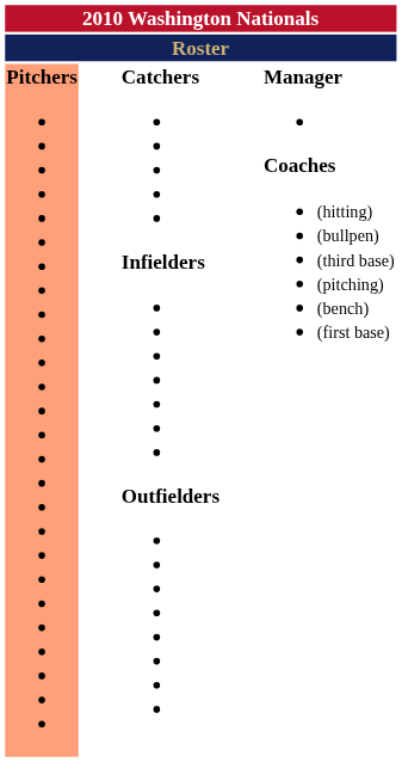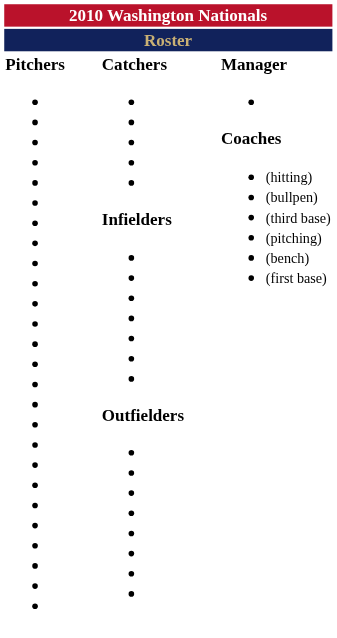 <table class="toccolours" style="font-size: 95%;">
 <tr>
 <th colspan="10" style="background-color: #ba122b; color: #FFFFFF; text-align: center;">2010 Washington Nationals</th>
 </tr>
 <tr>
 <td colspan="10" style="background-color: #11225b; color: #c9b074; text-align: center;"><strong>Roster</strong></td>
 </tr>
 <tr>
-<td valign="top" style="background: lightsalmon;"><strong>Pitchers</strong><br><ul><li></li><li></li><li></li><li></li><li></li><li></li><li></li><li></li><li></li><li></li><li></li><li></li><li></li><li></li><li></li><li></li><li></li><li></li><li></li><li></li><li></li><li></li><li></li><li></li><li></li><li></li></ul></td>
+<td valign="top"><strong>Pitchers</strong><br><ul><li></li><li></li><li></li><li></li><li></li><li></li><li></li><li></li><li></li><li></li><li></li><li></li><li></li><li></li><li></li><li></li><li></li><li></li><li></li><li></li><li></li><li></li><li></li><li></li><li></li><li></li></ul></td>
 <td width="25px"></td>
 <td valign="top"><strong>Catchers</strong><br><ul><li></li><li></li><li></li><li></li><li></li></ul><strong>Infielders</strong><ul><li></li><li></li><li></li><li></li><li></li><li></li><li></li></ul><strong>Outfielders</strong><ul><li></li><li></li><li></li><li></li><li></li><li></li><li></li><li></li></ul></td>
 <td width="25px"></td>
 <td valign="top"><strong>Manager</strong><br><ul><li></li></ul><strong>Coaches</strong><ul><li> <small>(hitting)</small></li><li> <small>(bullpen)</small></li><li> <small>(third base)</small></li><li> <small>(pitching)</small></li><li><small>(bench)</small></li><li> <small>(first base)</small></li></ul></td>
 </tr>
 <tr>
 </tr>
 </table>
